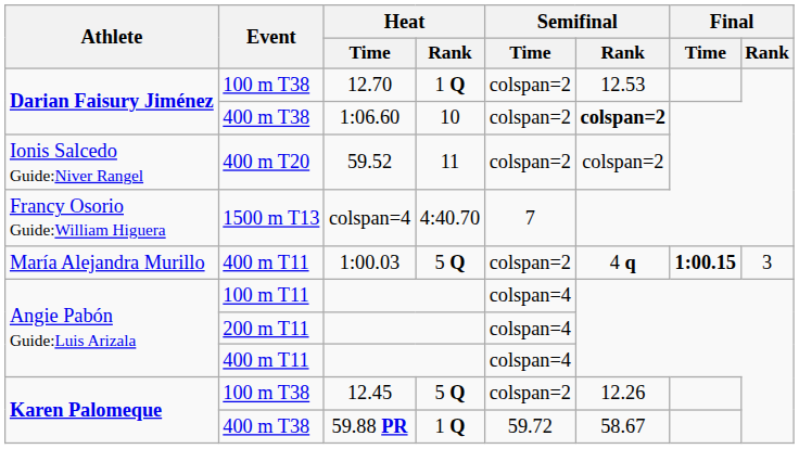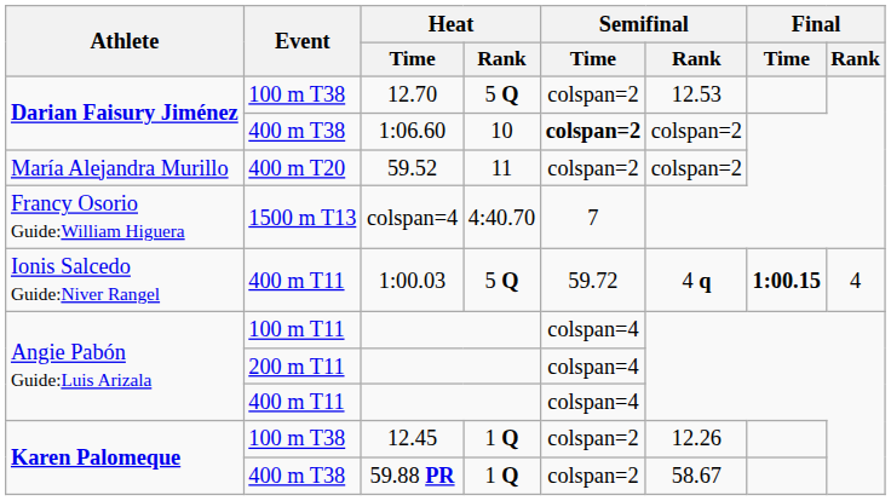 <table class=wikitable style=font-size:90%;text-align:center>
 <tr>
 <th rowspan=2>Athlete</th>
 <th rowspan=2>Event</th>
 <th colspan=2>Heat</th>
 <th colspan=2>Semifinal</th>
 <th colspan=2>Final</th>
 </tr>
 <tr style=font-size:95%>
 <th>Time</th>
 <th>Rank</th>
 <th>Time</th>
 <th>Rank</th>
 <th>Time</th>
 <th>Rank</th>
 </tr>
 <tr style="text-align:center">
 <td style="text-align:left" rowspan=2><strong><a href='#'>Darian Faisury Jiménez</a></strong></td>
 <td style="text-align:left"><a href='#'>100 m T38</a></td>
 <td>12.70 <strong></strong></td>
-<td>1 <strong>Q</strong></td>
+<td>5 <strong>Q</strong></td>
 <td>colspan=2 </td>
 <td>12.53 <strong></strong></td>
 <td></td>
 </tr>
 <tr style="text-align:center">
 <td style="text-align:left"><a href='#'>400 m T38</a></td>
 <td>1:06.60</td>
 <td>10</td>
+<td><strong>colspan=2 </strong></td>
 <td>colspan=2 </td>
-<td><strong>colspan=2 </strong></td>
 </tr>
 <tr style="text-align:center">
-<td style="text-align:left"><a href='#'>Ionis Salcedo</a><br><small>Guide:<a href='#'>Niver Rangel</a></small></td>
+<td style="text-align:left"><a href='#'>María Alejandra Murillo</a></td>
 <td style="text-align:left"><a href='#'>400 m T20</a></td>
 <td>59.52 <strong></strong></td>
 <td>11</td>
 <td>colspan=2 </td>
 <td>colspan=2 </td>
 </tr>
 <tr style="text-align:center">
 <td style="text-align:left"><a href='#'>Francy Osorio</a><br><small>Guide:<a href='#'>William Higuera</a></small></td>
 <td style="text-align:left"><a href='#'>1500 m T13</a></td>
 <td>colspan=4 </td>
 <td>4:40.70 <strong></strong></td>
 <td>7</td>
 </tr>
 <tr style="text-align:center">
-<td style="text-align:left"><a href='#'>María Alejandra Murillo</a></td>
+<td style="text-align:left"><a href='#'>Ionis Salcedo</a><br><small>Guide:<a href='#'>Niver Rangel</a></small></td>
 <td style="text-align:left"><a href='#'>400 m T11</a></td>
 <td>1:00.03</td>
 <td>5 <strong>Q</strong></td>
-<td>colspan=2 </td>
+<td>59.72</td>
 <td>4 <strong>q</strong></td>
 <td><strong>1:00.15</strong></td>
-<td>3</td>
+<td>4</td>
 </tr>
 <tr style="text-align:center">
 <td style="text-align:left" rowspan=3><a href='#'>Angie Pabón</a><br><small>Guide:<a href='#'>Luis Arizala</a></small></td>
 <td style="text-align:left"><a href='#'>100 m T11</a></td>
 <td colspan=2><strong></strong></td>
 <td>colspan=4 </td>
 </tr>
 <tr style="text-align:center">
 <td style="text-align:left"><a href='#'>200 m T11</a></td>
 <td colspan=2><strong></strong></td>
 <td>colspan=4 </td>
 </tr>
 <tr style="text-align:center">
 <td style="text-align:left"><a href='#'>400 m T11</a></td>
 <td colspan=2><strong></strong></td>
 <td>colspan=4 </td>
 </tr>
 <tr style="text-align:center">
 <td style="text-align:left" rowspan=2><strong><a href='#'>Karen Palomeque</a></strong></td>
 <td style="text-align:left"><a href='#'>100 m T38</a></td>
 <td>12.45 <strong></strong></td>
-<td>5 <strong>Q</strong></td>
+<td>1 <strong>Q</strong></td>
 <td>colspan=2 </td>
 <td>12.26 <strong></strong></td>
 <td></td>
 </tr>
 <tr style="text-align:center">
 <td style="text-align:left"><a href='#'>400 m T38</a></td>
 <td>59.88  <strong><a href='#'>PR</a></strong></td>
 <td>1 <strong>Q</strong></td>
-<td>59.72</td>
+<td>colspan=2 </td>
 <td>58.67 <strong></strong></td>
 <td></td>
 </tr>
 </table>
